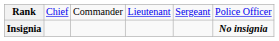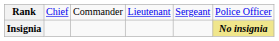 <table class="wikitable">
 <tr style="text-align:center;">
 <th>Rank</th>
 <td><a href='#'>Chief</a></td>
 <td>Commander</td>
 <td><a href='#'>Lieutenant</a></td>
 <td><a href='#'>Sergeant</a></td>
 <td><a href='#'>Police Officer</a></td>
 </tr>
 <tr style="text-align:center;">
 <th>Insignia</th>
 <td></td>
 <td></td>
 <td></td>
 <td></td>
-<td><strong><em>No insignia</em></strong></td>
+<td style="background: khaki;"><strong><em>No insignia</em></strong></td>
 </tr>
 </table>
